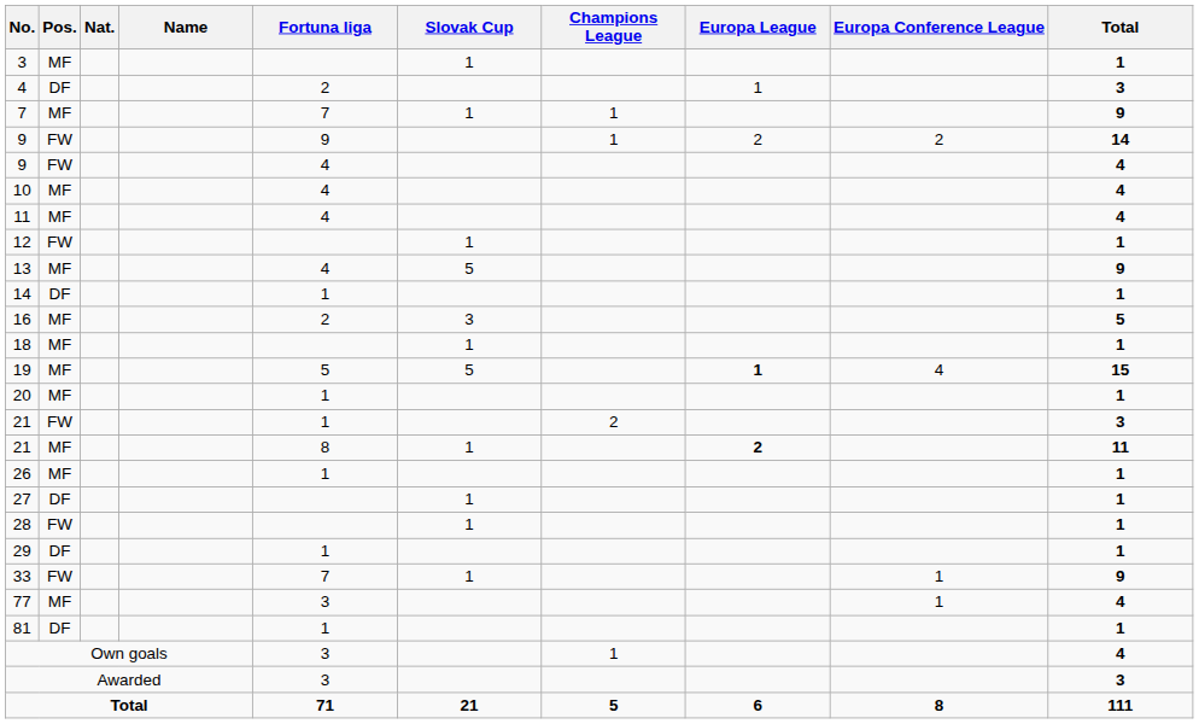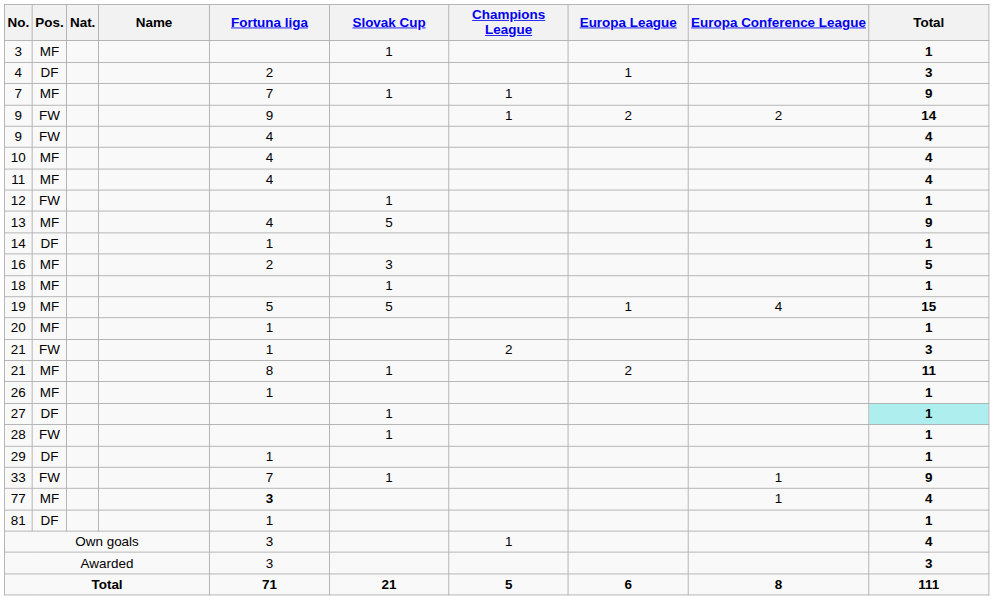 <table class="wikitable sortable" style="text-align:center">
 <tr>
 <th rowspan="1" style="width:20px;">No.</th>
 <th rowspan="1" style="width:20px;">Pos.</th>
 <th rowspan="1" style="width:20px;">Nat.</th>
 <th rowspan="1" style="width:125px;">Name</th>
 <th style="width:135px;"><a href='#'>Fortuna liga</a></th>
 <th style="width:135px;"><a href='#'>Slovak Cup</a></th>
 <th style="width:135px;"><a href='#'>Champions League</a></th>
 <th style="width:135px;"><a href='#'>Europa League</a></th>
 <th><a href='#'>Europa Conference League</a></th>
 <th style="width:135px;">Total</th>
 </tr>
 <tr>
 <td>3</td>
 <td>MF</td>
 <td></td>
 <td align="left"></td>
 <td></td>
 <td>1</td>
 <td></td>
 <td></td>
 <td></td>
 <td><strong>1</strong></td>
 </tr>
 <tr>
 <td>4</td>
 <td>DF</td>
 <td></td>
 <td align="left"></td>
 <td>2</td>
 <td></td>
 <td></td>
 <td>1</td>
 <td></td>
 <td><strong>3</strong></td>
 </tr>
 <tr>
 <td>7</td>
 <td>MF</td>
 <td></td>
 <td align="left"></td>
 <td>7</td>
 <td>1</td>
 <td>1</td>
 <td></td>
 <td></td>
 <td><strong>9</strong></td>
 </tr>
 <tr>
 <td>9</td>
 <td>FW</td>
 <td></td>
 <td align="left"></td>
 <td>9</td>
 <td></td>
 <td>1</td>
 <td>2</td>
 <td>2</td>
 <td><strong>14</strong></td>
 </tr>
 <tr>
 <td>9</td>
 <td>FW</td>
 <td></td>
 <td align="left"></td>
 <td>4</td>
 <td></td>
 <td></td>
 <td></td>
 <td></td>
 <td><strong>4</strong></td>
 </tr>
 <tr>
 <td>10</td>
 <td>MF</td>
 <td></td>
 <td align="left"></td>
 <td>4</td>
 <td></td>
 <td></td>
 <td></td>
 <td></td>
 <td><strong>4</strong></td>
 </tr>
 <tr>
 <td>11</td>
 <td>MF</td>
 <td></td>
 <td align="left"></td>
 <td>4</td>
 <td></td>
 <td></td>
 <td></td>
 <td></td>
 <td><strong>4</strong></td>
 </tr>
 <tr>
 <td>12</td>
 <td>FW</td>
 <td></td>
 <td align="left"></td>
 <td></td>
 <td>1</td>
 <td></td>
 <td></td>
 <td></td>
 <td><strong>1</strong></td>
 </tr>
 <tr>
 <td>13</td>
 <td>MF</td>
 <td></td>
 <td align="left"></td>
 <td>4</td>
 <td>5</td>
 <td></td>
 <td></td>
 <td></td>
 <td><strong>9</strong></td>
 </tr>
 <tr>
 <td>14</td>
 <td>DF</td>
 <td></td>
 <td align="left"></td>
 <td>1</td>
 <td></td>
 <td></td>
 <td></td>
 <td></td>
 <td><strong>1</strong></td>
 </tr>
 <tr>
 <td>16</td>
 <td>MF</td>
 <td></td>
 <td align="left"></td>
 <td>2</td>
 <td>3</td>
 <td></td>
 <td></td>
 <td></td>
 <td><strong>5</strong></td>
 </tr>
 <tr>
 <td>18</td>
 <td>MF</td>
 <td></td>
 <td align="left"></td>
 <td></td>
 <td>1</td>
 <td></td>
 <td></td>
 <td></td>
 <td><strong>1</strong></td>
 </tr>
 <tr>
 <td>19</td>
 <td>MF</td>
 <td></td>
 <td align="left"></td>
 <td>5</td>
 <td>5</td>
 <td></td>
-<td><strong>1</strong></td>
+<td>1</td>
 <td>4</td>
 <td><strong>15</strong></td>
 </tr>
 <tr>
 <td>20</td>
 <td>MF</td>
 <td></td>
 <td align="left"></td>
 <td>1</td>
 <td></td>
 <td></td>
 <td></td>
 <td></td>
 <td><strong>1</strong></td>
 </tr>
 <tr>
 <td>21</td>
 <td>FW</td>
 <td></td>
 <td align="left"></td>
 <td>1</td>
 <td></td>
 <td>2</td>
 <td></td>
 <td></td>
 <td><strong>3</strong></td>
 </tr>
 <tr>
 <td>21</td>
 <td>MF</td>
 <td></td>
 <td align="left"></td>
 <td>8</td>
 <td>1</td>
 <td></td>
-<td><strong>2</strong></td>
+<td>2</td>
 <td></td>
 <td><strong>11</strong></td>
 </tr>
 <tr>
 <td>26</td>
 <td>MF</td>
 <td></td>
 <td align="left"></td>
 <td>1</td>
 <td></td>
 <td></td>
 <td></td>
 <td></td>
 <td><strong>1</strong></td>
 </tr>
 <tr>
 <td>27</td>
 <td>DF</td>
 <td></td>
 <td align="left"></td>
 <td></td>
 <td>1</td>
 <td></td>
 <td></td>
 <td></td>
-<td><strong>1</strong></td>
+<td style="background: paleturquoise;"><strong>1</strong></td>
 </tr>
 <tr>
 <td>28</td>
 <td>FW</td>
 <td></td>
 <td align="left"></td>
 <td></td>
 <td>1</td>
 <td></td>
 <td></td>
 <td></td>
 <td><strong>1</strong></td>
 </tr>
 <tr>
 <td>29</td>
 <td>DF</td>
 <td></td>
 <td align="left"></td>
 <td>1</td>
 <td></td>
 <td></td>
 <td></td>
 <td></td>
 <td><strong>1</strong></td>
 </tr>
 <tr>
 <td>33</td>
 <td>FW</td>
 <td></td>
 <td align="left"></td>
 <td>7</td>
 <td>1</td>
 <td></td>
 <td></td>
 <td>1</td>
 <td><strong>9</strong></td>
 </tr>
 <tr>
 <td>77</td>
 <td>MF</td>
 <td></td>
 <td align="left"></td>
-<td>3</td>
+<td><strong>3</strong></td>
 <td></td>
 <td></td>
 <td></td>
 <td>1</td>
 <td><strong>4</strong></td>
 </tr>
 <tr>
 <td>81</td>
 <td>DF</td>
 <td></td>
 <td align="left"></td>
 <td>1</td>
 <td></td>
 <td></td>
 <td></td>
 <td></td>
 <td><strong>1</strong></td>
 </tr>
 <tr>
 <td colspan="4">Own goals</td>
 <td>3</td>
 <td></td>
 <td>1</td>
 <td></td>
 <td></td>
 <td><strong>4</strong></td>
 </tr>
 <tr>
 <td colspan="4">Awarded</td>
 <td>3</td>
 <td></td>
 <td></td>
 <td></td>
 <td></td>
 <td><strong>3</strong></td>
 </tr>
 <tr>
 <td colspan="4"><strong>Total</strong></td>
 <td><strong>71</strong></td>
 <td><strong>21</strong></td>
 <td><strong>5</strong></td>
 <td><strong>6</strong></td>
 <td><strong>8</strong></td>
 <td><strong>111</strong></td>
 </tr>
 </table>
